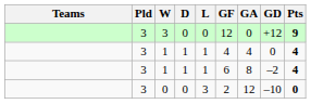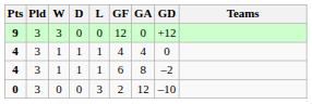 <table class="wikitable" style="text-align: center;">
 <tr>
-<th width=165>Teams</th>
+<th width=20>Pts</th>
 <th width=20>Pld</th>
 <th width=20>W</th>
 <th width=20>D</th>
 <th width=20>L</th>
 <th width=20>GF</th>
 <th width=20>GA</th>
 <th width=20>GD</th>
-<th width=20>Pts</th>
+<th width=165>Teams</th>
 </tr>
 <tr align=center style="background:#ccffcc;">
-<td style="text-align:left;"></td>
+<td><strong>9</strong></td>
 <td>3</td>
 <td>3</td>
 <td>0</td>
 <td>0</td>
 <td>12</td>
 <td>0</td>
 <td>+12</td>
-<td><strong>9</strong></td>
+<td style="text-align:left;"></td>
 </tr>
 <tr align=center>
-<td style="text-align:left;"></td>
+<td><strong>4</strong></td>
 <td>3</td>
 <td>1</td>
 <td>1</td>
 <td>1</td>
 <td>4</td>
 <td>4</td>
 <td>0</td>
-<td><strong>4</strong></td>
+<td style="text-align:left;"></td>
 </tr>
 <tr align=center>
-<td style="text-align:left;"></td>
+<td><strong>4</strong></td>
 <td>3</td>
 <td>1</td>
 <td>1</td>
 <td>1</td>
 <td>6</td>
 <td>8</td>
 <td>–2</td>
-<td><strong>4</strong></td>
+<td style="text-align:left;"></td>
 </tr>
 <tr align=center>
-<td style="text-align:left;"></td>
+<td><strong>0</strong></td>
 <td>3</td>
 <td>0</td>
 <td>0</td>
 <td>3</td>
 <td>2</td>
 <td>12</td>
 <td>–10</td>
-<td><strong>0</strong></td>
+<td style="text-align:left;"></td>
 </tr>
 </table>
